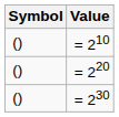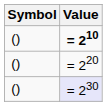 <table class="wikitable">
 <tr>
 <th>Symbol</th>
 <th>Value</th>
 </tr>
 <tr>
 <td> ()</td>
-<td> = 2<sup>10</sup></td>
+<td><strong> = 2<sup>10</sup></strong></td>
 </tr>
 <tr>
 <td> ()</td>
 <td> = 2<sup>20</sup></td>
 </tr>
 <tr>
 <td> ()</td>
-<td> = 2<sup>30</sup></td>
+<td style="background: lavender;"> = 2<sup>30</sup></td>
 </tr>
 </table>
